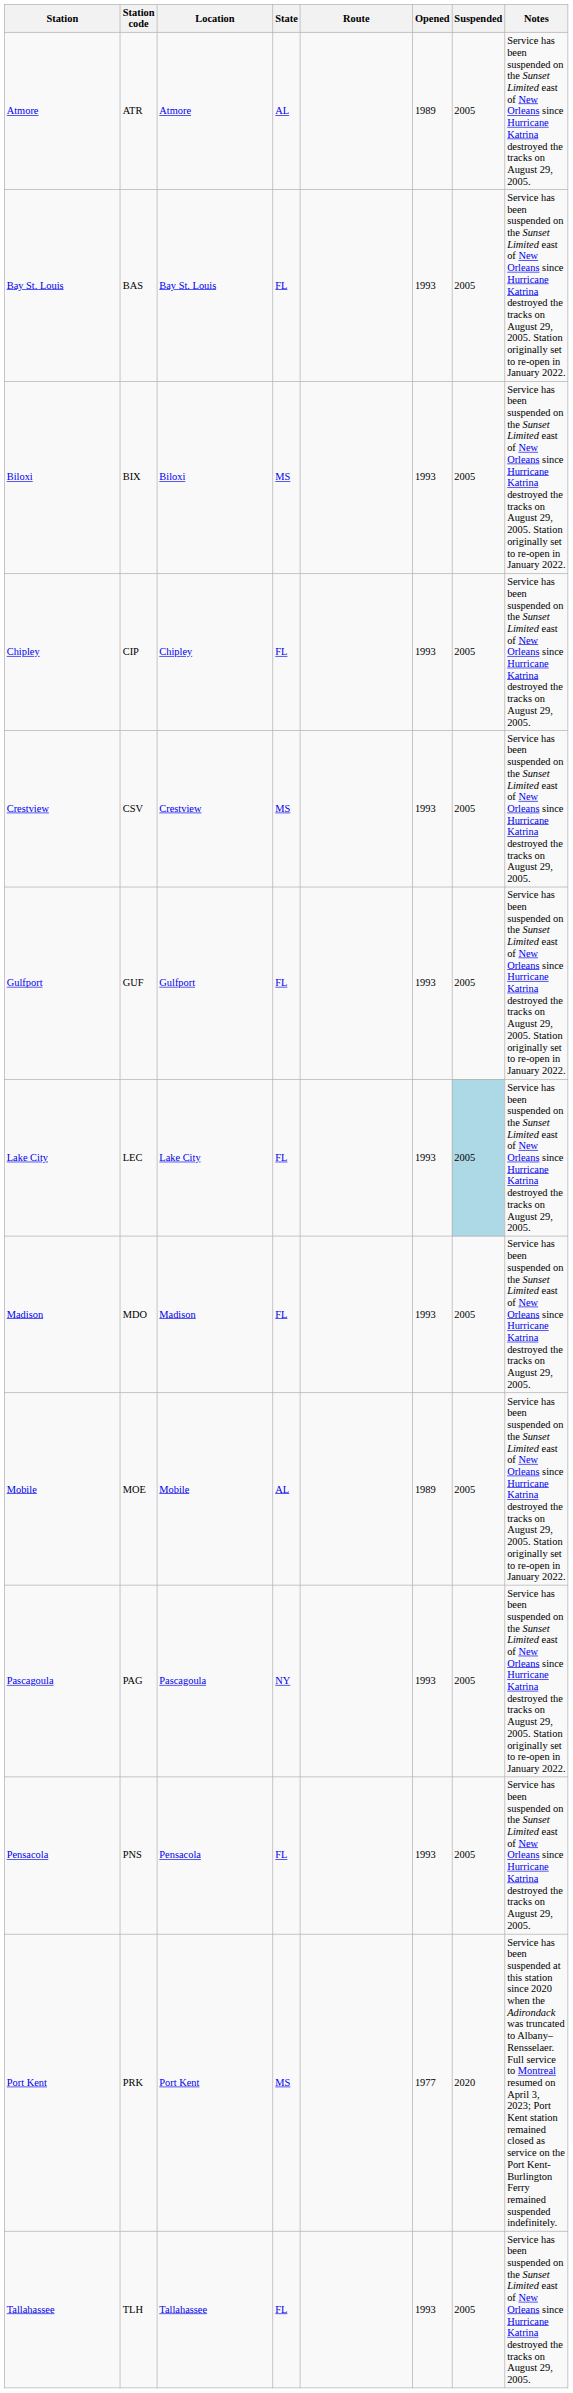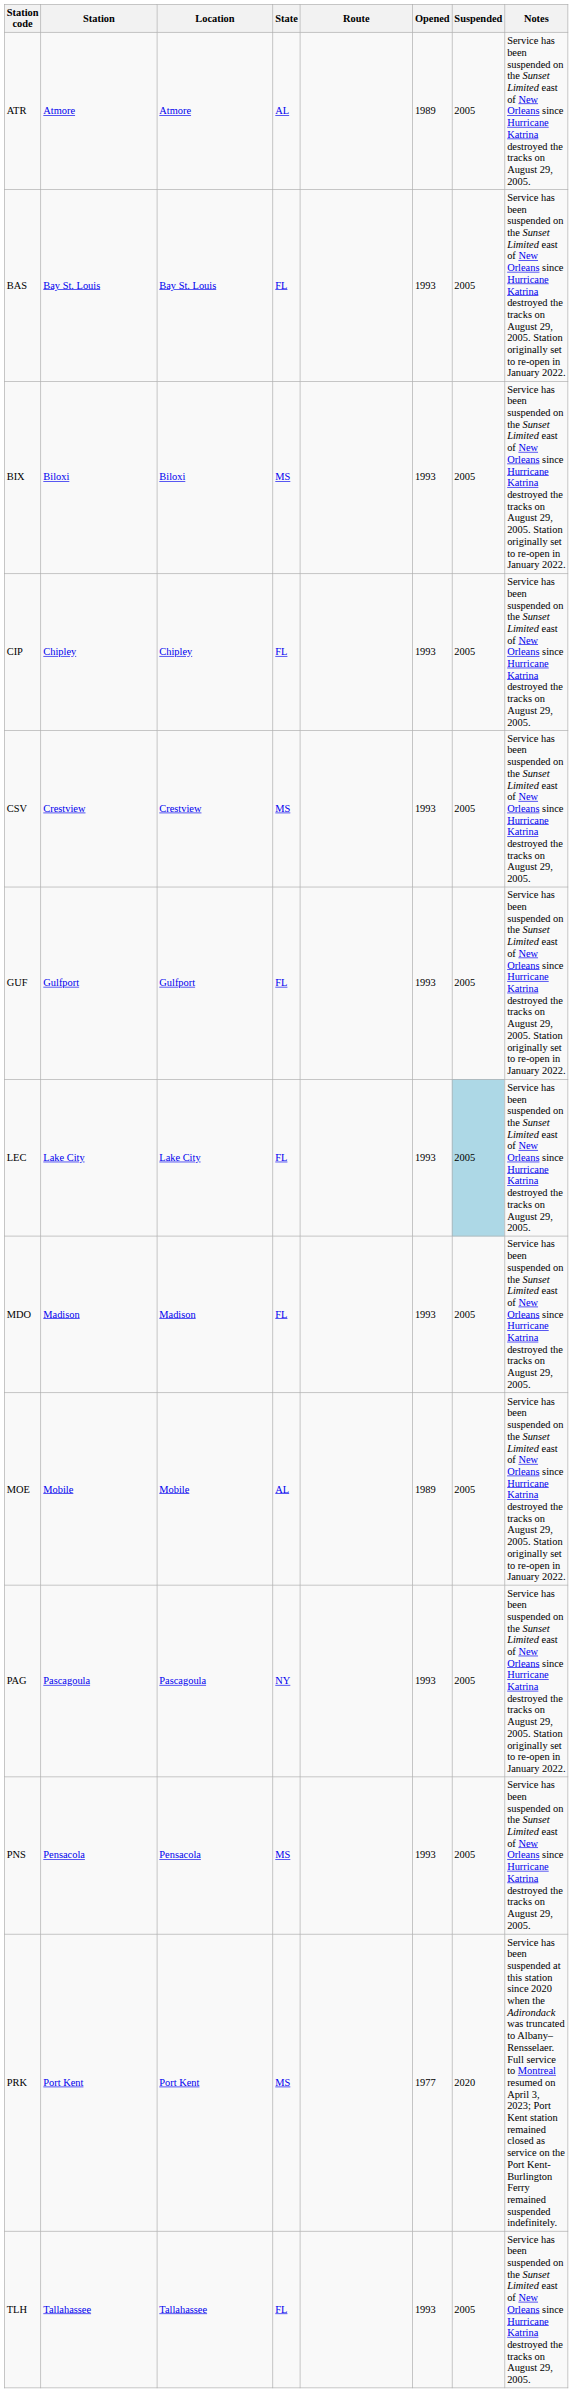 <table class="wikitable sortable sticky-header-multi">
 <tr>
+<th>Station code</th>
 <th scope="col" style="width: 12em;">Station</th>
-<th>Station code</th>
 <th scope="col" style="width: 12em;">Location</th>
 <th>State</th>
 <th scope="col" style="width: 12em;">Route</th>
 <th>Opened</th>
 <th>Suspended</th>
 <th>Notes</th>
 </tr>
 <tr>
+<td>ATR</td>
 <td><a href='#'>Atmore</a></td>
-<td>ATR</td>
 <td><a href='#'>Atmore</a></td>
 <td><a href='#'>AL</a></td>
 <td></td>
 <td>1989</td>
 <td>2005</td>
 <td>Service has been suspended on the <em>Sunset Limited</em> east of <a href='#'>New Orleans</a> since <a href='#'>Hurricane Katrina</a> destroyed the tracks on August 29, 2005.</td>
 </tr>
 <tr>
+<td>BAS</td>
 <td><a href='#'>Bay St. Louis</a></td>
-<td>BAS</td>
 <td><a href='#'>Bay St. Louis</a></td>
 <td><a href='#'>FL</a></td>
 <td></td>
 <td>1993</td>
 <td>2005</td>
 <td>Service has been suspended on the <em>Sunset Limited</em> east of <a href='#'>New Orleans</a> since <a href='#'>Hurricane Katrina</a> destroyed the tracks on August 29, 2005. Station originally set to re-open in January 2022.</td>
 </tr>
 <tr>
+<td>BIX</td>
 <td><a href='#'>Biloxi</a></td>
-<td>BIX</td>
 <td><a href='#'>Biloxi</a></td>
 <td><a href='#'>MS</a></td>
 <td></td>
 <td>1993</td>
 <td>2005</td>
 <td>Service has been suspended on the <em>Sunset Limited</em> east of <a href='#'>New Orleans</a> since <a href='#'>Hurricane Katrina</a> destroyed the tracks on August 29, 2005. Station originally set to re-open in January 2022.</td>
 </tr>
 <tr>
+<td>CIP</td>
 <td><a href='#'>Chipley</a></td>
-<td>CIP</td>
 <td><a href='#'>Chipley</a></td>
 <td><a href='#'>FL</a></td>
 <td></td>
 <td>1993</td>
 <td>2005</td>
 <td>Service has been suspended on the <em>Sunset Limited</em> east of <a href='#'>New Orleans</a> since <a href='#'>Hurricane Katrina</a> destroyed the tracks on August 29, 2005.</td>
 </tr>
 <tr>
+<td>CSV</td>
 <td><a href='#'>Crestview</a></td>
-<td>CSV</td>
 <td><a href='#'>Crestview</a></td>
 <td><a href='#'>MS</a></td>
 <td></td>
 <td>1993</td>
 <td>2005</td>
 <td>Service has been suspended on the <em>Sunset Limited</em> east of <a href='#'>New Orleans</a> since <a href='#'>Hurricane Katrina</a> destroyed the tracks on August 29, 2005.</td>
 </tr>
 <tr>
+<td>GUF</td>
 <td><a href='#'>Gulfport</a></td>
-<td>GUF</td>
 <td><a href='#'>Gulfport</a></td>
 <td><a href='#'>FL</a></td>
 <td></td>
 <td>1993</td>
 <td>2005</td>
 <td>Service has been suspended on the <em>Sunset Limited</em> east of <a href='#'>New Orleans</a> since <a href='#'>Hurricane Katrina</a> destroyed the tracks on August 29, 2005. Station originally set to re-open in January 2022.</td>
 </tr>
 <tr>
+<td>LEC</td>
 <td><a href='#'>Lake City</a></td>
-<td>LEC</td>
 <td><a href='#'>Lake City</a></td>
 <td><a href='#'>FL</a></td>
 <td></td>
 <td>1993</td>
 <td style="background: lightblue;">2005</td>
 <td>Service has been suspended on the <em>Sunset Limited</em> east of <a href='#'>New Orleans</a> since <a href='#'>Hurricane Katrina</a> destroyed the tracks on August 29, 2005.</td>
 </tr>
 <tr>
+<td>MDO</td>
 <td><a href='#'>Madison</a></td>
-<td>MDO</td>
 <td><a href='#'>Madison</a></td>
 <td><a href='#'>FL</a></td>
 <td></td>
 <td>1993</td>
 <td>2005</td>
 <td>Service has been suspended on the <em>Sunset Limited</em> east of <a href='#'>New Orleans</a> since <a href='#'>Hurricane Katrina</a> destroyed the tracks on August 29, 2005.</td>
 </tr>
 <tr>
+<td>MOE</td>
 <td><a href='#'>Mobile</a></td>
-<td>MOE</td>
 <td><a href='#'>Mobile</a></td>
 <td><a href='#'>AL</a></td>
 <td></td>
 <td>1989</td>
 <td>2005</td>
 <td>Service has been suspended on the <em>Sunset Limited</em> east of <a href='#'>New Orleans</a> since <a href='#'>Hurricane Katrina</a> destroyed the tracks on August 29, 2005. Station originally set to re-open in January 2022.</td>
 </tr>
 <tr>
+<td>PAG</td>
 <td><a href='#'>Pascagoula</a></td>
-<td>PAG</td>
 <td><a href='#'>Pascagoula</a></td>
 <td><a href='#'>NY</a></td>
 <td></td>
 <td>1993</td>
 <td>2005</td>
 <td>Service has been suspended on the <em>Sunset Limited</em> east of <a href='#'>New Orleans</a> since <a href='#'>Hurricane Katrina</a> destroyed the tracks on August 29, 2005. Station originally set to re-open in January 2022.</td>
 </tr>
 <tr>
-<td><a href='#'>Pensacola</a></td>
 <td>PNS</td>
 <td><a href='#'>Pensacola</a></td>
-<td><a href='#'>FL</a></td>
+<td><a href='#'>Pensacola</a></td>
+<td><a href='#'>MS</a></td>
 <td></td>
 <td>1993</td>
 <td>2005</td>
 <td>Service has been suspended on the <em>Sunset Limited</em> east of <a href='#'>New Orleans</a> since <a href='#'>Hurricane Katrina</a> destroyed the tracks on August 29, 2005.</td>
 </tr>
 <tr>
+<td>PRK</td>
 <td><a href='#'>Port Kent</a></td>
-<td>PRK</td>
 <td><a href='#'>Port Kent</a></td>
 <td><a href='#'>MS</a></td>
 <td></td>
 <td>1977</td>
 <td>2020</td>
 <td>Service has been suspended at this station since 2020 when the <em>Adirondack</em> was truncated to Albany–Rensselaer. Full service to <a href='#'>Montreal</a> resumed on April 3, 2023; Port Kent station remained closed as service on the Port Kent-Burlington Ferry remained suspended indefinitely.</td>
 </tr>
 <tr>
+<td>TLH</td>
 <td><a href='#'>Tallahassee</a></td>
-<td>TLH</td>
 <td><a href='#'>Tallahassee</a></td>
 <td><a href='#'>FL</a></td>
 <td></td>
 <td>1993</td>
 <td>2005</td>
 <td>Service has been suspended on the <em>Sunset Limited</em> east of <a href='#'>New Orleans</a> since <a href='#'>Hurricane Katrina</a> destroyed the tracks on August 29, 2005.</td>
 </tr>
 </table>
